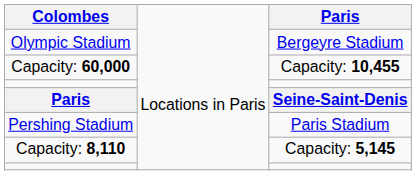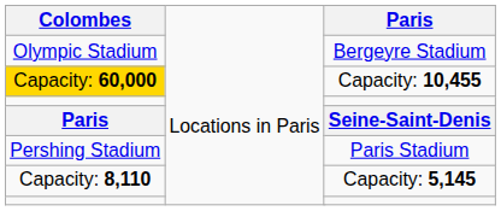 <table class="wikitable" style="text-align:center;">
 <tr>
 <th><a href='#'>Colombes</a></th>
 <td rowspan=8 colspan=2 align=center><br> <br>Locations in Paris</td>
 <th><a href='#'>Paris</a></th>
 </tr>
 <tr>
 <td><a href='#'>Olympic Stadium</a></td>
 <td><a href='#'>Bergeyre Stadium</a></td>
 </tr>
 <tr>
-<td>Capacity: <strong>60,000</strong></td>
+<td style="background: gold;">Capacity: <strong>60,000</strong></td>
 <td>Capacity: <strong>10,455</strong></td>
 </tr>
 <tr>
 <td></td>
 <td></td>
 </tr>
 <tr>
 <th><a href='#'>Paris</a></th>
 <th><a href='#'>Seine-Saint-Denis</a></th>
 </tr>
 <tr>
 <td><a href='#'>Pershing Stadium</a></td>
 <td><a href='#'>Paris Stadium</a></td>
 </tr>
 <tr>
 <td>Capacity: <strong>8,110</strong></td>
 <td>Capacity: <strong>5,145</strong></td>
 </tr>
 <tr>
 <td></td>
 <td></td>
 </tr>
 </table>
